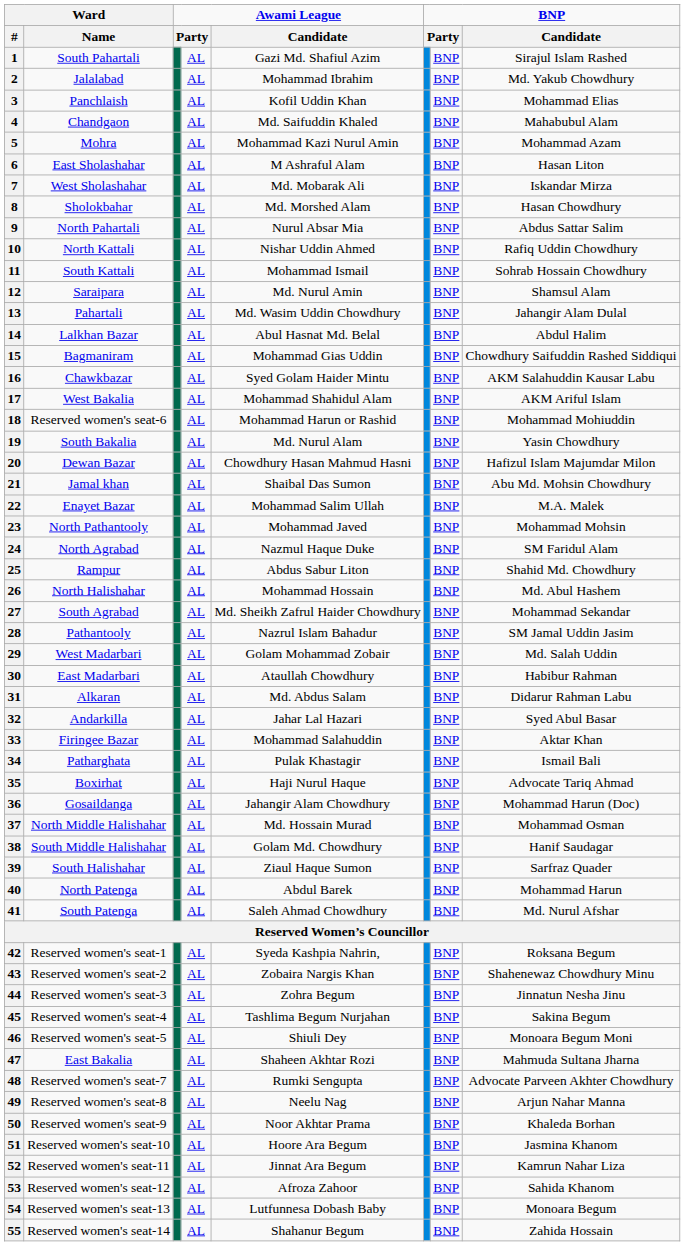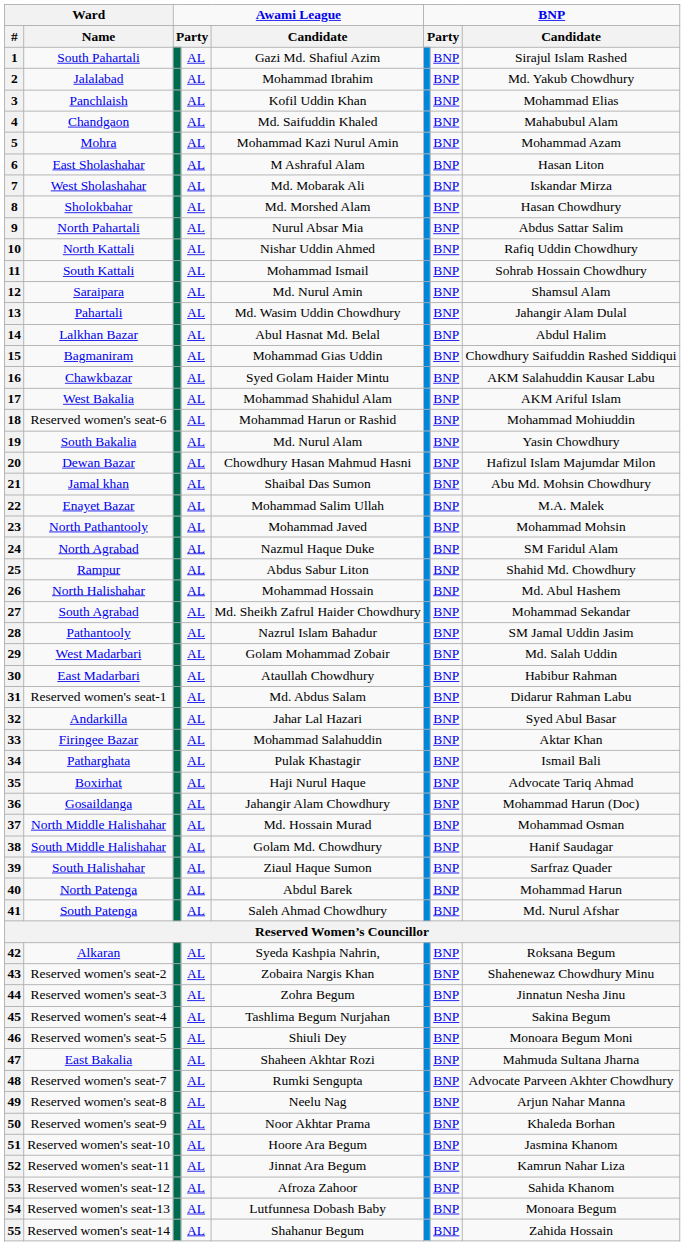 <table class="wikitable sortable" style="text-align:center;">
 <tr>
 <th colspan="2">Ward</th>
 <td colspan="3"><a href='#'><span><strong>Awami League</strong></span></a></td>
 <td colspan="3" bgcolor=><a href='#'><span><strong>BNP</strong></span></a></td>
 </tr>
 <tr>
 <th>#</th>
 <th>Name</th>
 <th colspan="2">Party</th>
 <th>Candidate</th>
 <th colspan="2">Party</th>
 <th>Candidate</th>
 </tr>
 <tr>
 <th>1</th>
 <td><a href='#'>South Pahartali</a></td>
 <td bgcolor=#006A4E></td>
 <td><a href='#'>AL</a></td>
 <td>Gazi Md. Shafiul Azim</td>
 <td bgcolor=#0087DC></td>
 <td><a href='#'>BNP</a></td>
 <td>Sirajul Islam Rashed</td>
 </tr>
 <tr>
 <th>2</th>
 <td><a href='#'>Jalalabad</a></td>
 <td bgcolor=#006A4E></td>
 <td><a href='#'>AL</a></td>
 <td>Mohammad Ibrahim</td>
 <td bgcolor=#0087DC></td>
 <td><a href='#'>BNP</a></td>
 <td>Md. Yakub Chowdhury</td>
 </tr>
 <tr>
 <th>3</th>
 <td><a href='#'>Panchlaish</a></td>
 <td bgcolor=#006A4E></td>
 <td><a href='#'>AL</a></td>
 <td>Kofil Uddin Khan</td>
 <td bgcolor=#0087DC></td>
 <td><a href='#'>BNP</a></td>
 <td>Mohammad Elias</td>
 </tr>
 <tr>
 <th>4</th>
 <td><a href='#'>Chandgaon</a></td>
 <td bgcolor=#006A4E></td>
 <td><a href='#'>AL</a></td>
 <td>Md. Saifuddin Khaled</td>
 <td bgcolor=#0087DC></td>
 <td><a href='#'>BNP</a></td>
 <td>Mahabubul Alam</td>
 </tr>
 <tr>
 <th>5</th>
 <td><a href='#'>Mohra</a></td>
 <td bgcolor=#006A4E></td>
 <td><a href='#'>AL</a></td>
 <td>Mohammad Kazi Nurul Amin</td>
 <td bgcolor=#0087DC></td>
 <td><a href='#'>BNP</a></td>
 <td>Mohammad Azam</td>
 </tr>
 <tr>
 <th>6</th>
 <td><a href='#'>East Sholashahar</a></td>
 <td bgcolor=#006A4E></td>
 <td><a href='#'>AL</a></td>
 <td>M Ashraful Alam</td>
 <td bgcolor=#0087DC></td>
 <td><a href='#'>BNP</a></td>
 <td>Hasan Liton</td>
 </tr>
 <tr>
 <th>7</th>
 <td><a href='#'>West Sholashahar</a></td>
 <td bgcolor=#006A4E></td>
 <td><a href='#'>AL</a></td>
 <td>Md. Mobarak Ali</td>
 <td bgcolor=#0087DC></td>
 <td><a href='#'>BNP</a></td>
 <td>Iskandar Mirza</td>
 </tr>
 <tr>
 <th>8</th>
 <td><a href='#'>Sholokbahar</a></td>
 <td bgcolor=#006A4E></td>
 <td><a href='#'>AL</a></td>
 <td>Md. Morshed Alam</td>
 <td bgcolor=#0087DC></td>
 <td><a href='#'>BNP</a></td>
 <td>Hasan Chowdhury</td>
 </tr>
 <tr>
 <th>9</th>
 <td><a href='#'>North Pahartali</a></td>
 <td bgcolor=#006A4E></td>
 <td><a href='#'>AL</a></td>
 <td>Nurul Absar Mia</td>
 <td bgcolor=#0087DC></td>
 <td><a href='#'>BNP</a></td>
 <td>Abdus Sattar Salim</td>
 </tr>
 <tr>
 <th>10</th>
 <td><a href='#'>North Kattali</a></td>
 <td bgcolor=#006A4E></td>
 <td><a href='#'>AL</a></td>
 <td>Nishar Uddin Ahmed</td>
 <td bgcolor=#0087DC></td>
 <td><a href='#'>BNP</a></td>
 <td>Rafiq Uddin Chowdhury</td>
 </tr>
 <tr>
 <th>11</th>
 <td><a href='#'>South Kattali</a></td>
 <td bgcolor=#006A4E></td>
 <td><a href='#'>AL</a></td>
 <td>Mohammad Ismail</td>
 <td bgcolor=#0087DC></td>
 <td><a href='#'>BNP</a></td>
 <td>Sohrab Hossain Chowdhury</td>
 </tr>
 <tr>
 <th>12</th>
 <td><a href='#'>Saraipara</a></td>
 <td bgcolor=#006A4E></td>
 <td><a href='#'>AL</a></td>
 <td>Md. Nurul Amin</td>
 <td bgcolor=#0087DC></td>
 <td><a href='#'>BNP</a></td>
 <td>Shamsul Alam</td>
 </tr>
 <tr>
 <th>13</th>
 <td><a href='#'>Pahartali</a></td>
 <td bgcolor=#006A4E></td>
 <td><a href='#'>AL</a></td>
 <td>Md. Wasim Uddin Chowdhury</td>
 <td bgcolor=#0087DC></td>
 <td><a href='#'>BNP</a></td>
 <td>Jahangir Alam Dulal</td>
 </tr>
 <tr>
 <th>14</th>
 <td><a href='#'>Lalkhan Bazar</a></td>
 <td bgcolor=#006A4E></td>
 <td><a href='#'>AL</a></td>
 <td>Abul Hasnat Md. Belal</td>
 <td bgcolor=#0087DC></td>
 <td><a href='#'>BNP</a></td>
 <td>Abdul Halim</td>
 </tr>
 <tr>
 <th>15</th>
 <td><a href='#'>Bagmaniram</a></td>
 <td bgcolor=#006A4E></td>
 <td><a href='#'>AL</a></td>
 <td>Mohammad Gias Uddin</td>
 <td bgcolor=#0087DC></td>
 <td><a href='#'>BNP</a></td>
 <td>Chowdhury Saifuddin Rashed Siddiqui</td>
 </tr>
 <tr>
 <th>16</th>
 <td><a href='#'>Chawkbazar</a></td>
 <td bgcolor=#006A4E></td>
 <td><a href='#'>AL</a></td>
 <td>Syed Golam Haider Mintu</td>
 <td bgcolor=#0087DC></td>
 <td><a href='#'>BNP</a></td>
 <td>AKM Salahuddin Kausar Labu</td>
 </tr>
 <tr>
 <th>17</th>
 <td><a href='#'>West Bakalia</a></td>
 <td bgcolor=#006A4E></td>
 <td><a href='#'>AL</a></td>
 <td>Mohammad Shahidul Alam</td>
 <td bgcolor=#0087DC></td>
 <td><a href='#'>BNP</a></td>
 <td>AKM Ariful Islam</td>
 </tr>
 <tr>
 <th>18</th>
 <td>Reserved women's seat-6</td>
 <td bgcolor=#006A4E></td>
 <td><a href='#'>AL</a></td>
 <td>Mohammad Harun or Rashid</td>
 <td bgcolor=#0087DC></td>
 <td><a href='#'>BNP</a></td>
 <td>Mohammad Mohiuddin</td>
 </tr>
 <tr>
 <th>19</th>
 <td><a href='#'>South Bakalia</a></td>
 <td bgcolor=#006A4E></td>
 <td><a href='#'>AL</a></td>
 <td>Md. Nurul Alam</td>
 <td bgcolor=#0087DC></td>
 <td><a href='#'>BNP</a></td>
 <td>Yasin Chowdhury</td>
 </tr>
 <tr>
 <th>20</th>
 <td><a href='#'>Dewan Bazar</a></td>
 <td bgcolor=#006A4E></td>
 <td><a href='#'>AL</a></td>
 <td>Chowdhury Hasan Mahmud Hasni</td>
 <td bgcolor=#0087DC></td>
 <td><a href='#'>BNP</a></td>
 <td>Hafizul Islam Majumdar Milon</td>
 </tr>
 <tr>
 <th>21</th>
 <td><a href='#'>Jamal khan</a></td>
 <td bgcolor=#006A4E></td>
 <td><a href='#'>AL</a></td>
 <td>Shaibal Das Sumon</td>
 <td bgcolor=#0087DC></td>
 <td><a href='#'>BNP</a></td>
 <td>Abu Md. Mohsin Chowdhury</td>
 </tr>
 <tr>
 <th>22</th>
 <td><a href='#'>Enayet Bazar</a></td>
 <td bgcolor=#006A4E></td>
 <td><a href='#'>AL</a></td>
 <td>Mohammad Salim Ullah</td>
 <td bgcolor=#0087DC></td>
 <td><a href='#'>BNP</a></td>
 <td>M.A. Malek</td>
 </tr>
 <tr>
 <th>23</th>
 <td><a href='#'>North Pathantooly</a></td>
 <td bgcolor=#006A4E></td>
 <td><a href='#'>AL</a></td>
 <td>Mohammad Javed</td>
 <td bgcolor=#0087DC></td>
 <td><a href='#'>BNP</a></td>
 <td>Mohammad Mohsin</td>
 </tr>
 <tr>
 <th>24</th>
 <td><a href='#'>North Agrabad</a></td>
 <td bgcolor=#006A4E></td>
 <td><a href='#'>AL</a></td>
 <td>Nazmul Haque Duke</td>
 <td bgcolor=#0087DC></td>
 <td><a href='#'>BNP</a></td>
 <td>SM Faridul Alam</td>
 </tr>
 <tr>
 <th>25</th>
 <td><a href='#'>Rampur</a></td>
 <td bgcolor=#006A4E></td>
 <td><a href='#'>AL</a></td>
 <td>Abdus Sabur Liton</td>
 <td bgcolor=#0087DC></td>
 <td><a href='#'>BNP</a></td>
 <td>Shahid Md. Chowdhury</td>
 </tr>
 <tr>
 <th>26</th>
 <td><a href='#'>North Halishahar</a></td>
 <td bgcolor=#006A4E></td>
 <td><a href='#'>AL</a></td>
 <td>Mohammad Hossain</td>
 <td bgcolor=#0087DC></td>
 <td><a href='#'>BNP</a></td>
 <td>Md. Abul Hashem</td>
 </tr>
 <tr>
 <th>27</th>
 <td><a href='#'>South Agrabad</a></td>
 <td bgcolor=#006A4E></td>
 <td><a href='#'>AL</a></td>
 <td>Md. Sheikh Zafrul Haider Chowdhury</td>
 <td bgcolor=#0087DC></td>
 <td><a href='#'>BNP</a></td>
 <td>Mohammad Sekandar</td>
 </tr>
 <tr>
 <th>28</th>
 <td><a href='#'>Pathantooly</a></td>
 <td bgcolor=#006A4E></td>
 <td><a href='#'>AL</a></td>
 <td>Nazrul Islam Bahadur</td>
 <td bgcolor=#0087DC></td>
 <td><a href='#'>BNP</a></td>
 <td>SM Jamal Uddin Jasim</td>
 </tr>
 <tr>
 <th>29</th>
 <td><a href='#'>West Madarbari</a></td>
 <td bgcolor=#006A4E></td>
 <td><a href='#'>AL</a></td>
 <td>Golam Mohammad Zobair</td>
 <td bgcolor=#0087DC></td>
 <td><a href='#'>BNP</a></td>
 <td>Md. Salah Uddin</td>
 </tr>
 <tr>
 <th>30</th>
 <td><a href='#'>East Madarbari</a></td>
 <td bgcolor=#006A4E></td>
 <td><a href='#'>AL</a></td>
 <td>Ataullah Chowdhury</td>
 <td bgcolor=#0087DC></td>
 <td><a href='#'>BNP</a></td>
 <td>Habibur Rahman</td>
 </tr>
 <tr>
 <th>31</th>
-<td><a href='#'>Alkaran</a></td>
+<td>Reserved women's seat-1</td>
 <td bgcolor=#006A4E></td>
 <td><a href='#'>AL</a></td>
 <td>Md. Abdus Salam</td>
 <td bgcolor=#0087DC></td>
 <td><a href='#'>BNP</a></td>
 <td>Didarur Rahman Labu</td>
 </tr>
 <tr>
 <th>32</th>
 <td><a href='#'>Andarkilla</a></td>
 <td bgcolor=#006A4E></td>
 <td><a href='#'>AL</a></td>
 <td>Jahar Lal Hazari</td>
 <td bgcolor=#0087DC></td>
 <td><a href='#'>BNP</a></td>
 <td>Syed Abul Basar</td>
 </tr>
 <tr>
 <th>33</th>
 <td><a href='#'>Firingee Bazar</a></td>
 <td bgcolor=#006A4E></td>
 <td><a href='#'>AL</a></td>
 <td>Mohammad Salahuddin</td>
 <td bgcolor=#0087DC></td>
 <td><a href='#'>BNP</a></td>
 <td>Aktar Khan</td>
 </tr>
 <tr>
 <th>34</th>
 <td><a href='#'>Patharghata</a></td>
 <td bgcolor=#006A4E></td>
 <td><a href='#'>AL</a></td>
 <td>Pulak Khastagir</td>
 <td bgcolor=#0087DC></td>
 <td><a href='#'>BNP</a></td>
 <td>Ismail Bali</td>
 </tr>
 <tr>
 <th>35</th>
 <td><a href='#'>Boxirhat</a></td>
 <td bgcolor=#006A4E></td>
 <td><a href='#'>AL</a></td>
 <td>Haji Nurul Haque</td>
 <td bgcolor=#0087DC></td>
 <td><a href='#'>BNP</a></td>
 <td>Advocate Tariq Ahmad</td>
 </tr>
 <tr>
 <th>36</th>
 <td><a href='#'>Gosaildanga</a></td>
 <td bgcolor=#006A4E></td>
 <td><a href='#'>AL</a></td>
 <td>Jahangir Alam Chowdhury</td>
 <td bgcolor=#0087DC></td>
 <td><a href='#'>BNP</a></td>
 <td>Mohammad Harun (Doc)</td>
 </tr>
 <tr>
 <th>37</th>
 <td><a href='#'>North Middle Halishahar</a></td>
 <td bgcolor=#006A4E></td>
 <td><a href='#'>AL</a></td>
 <td>Md. Hossain Murad</td>
 <td bgcolor=#0087DC></td>
 <td><a href='#'>BNP</a></td>
 <td>Mohammad Osman</td>
 </tr>
 <tr>
 <th>38</th>
 <td><a href='#'>South Middle Halishahar</a></td>
 <td bgcolor=#006A4E></td>
 <td><a href='#'>AL</a></td>
 <td>Golam Md. Chowdhury</td>
 <td bgcolor=#0087DC></td>
 <td><a href='#'>BNP</a></td>
 <td>Hanif Saudagar</td>
 </tr>
 <tr>
 <th>39</th>
 <td><a href='#'>South Halishahar</a></td>
 <td bgcolor=#006A4E></td>
 <td><a href='#'>AL</a></td>
 <td>Ziaul Haque Sumon</td>
 <td bgcolor=#0087DC></td>
 <td><a href='#'>BNP</a></td>
 <td>Sarfraz Quader</td>
 </tr>
 <tr>
 <th>40</th>
 <td><a href='#'>North Patenga</a></td>
 <td bgcolor=#006A4E></td>
 <td><a href='#'>AL</a></td>
 <td>Abdul Barek</td>
 <td bgcolor=#0087DC></td>
 <td><a href='#'>BNP</a></td>
 <td>Mohammad Harun</td>
 </tr>
 <tr>
 <th>41</th>
 <td><a href='#'>South Patenga</a></td>
 <td bgcolor=#006A4E></td>
 <td><a href='#'>AL</a></td>
 <td>Saleh Ahmad Chowdhury</td>
 <td bgcolor=#0087DC></td>
 <td><a href='#'>BNP</a></td>
 <td>Md. Nurul Afshar</td>
 </tr>
 <tr>
 <th colspan="8"><strong>Reserved Women’s Councillor</strong></th>
 </tr>
 <tr>
 <th>42</th>
-<td>Reserved women's seat-1</td>
+<td><a href='#'>Alkaran</a></td>
 <td bgcolor=#006A4E></td>
 <td><a href='#'>AL</a></td>
 <td>Syeda Kashpia Nahrin,</td>
 <td bgcolor=#0087DC></td>
 <td><a href='#'>BNP</a></td>
 <td>Roksana Begum</td>
 </tr>
 <tr>
 <th>43</th>
 <td>Reserved women's seat-2</td>
 <td bgcolor=#006A4E></td>
 <td><a href='#'>AL</a></td>
 <td>Zobaira Nargis Khan</td>
 <td bgcolor=#0087DC></td>
 <td><a href='#'>BNP</a></td>
 <td>Shahenewaz Chowdhury Minu</td>
 </tr>
 <tr>
 <th>44</th>
 <td>Reserved women's seat-3</td>
 <td bgcolor=#006A4E></td>
 <td><a href='#'>AL</a></td>
 <td>Zohra Begum</td>
 <td bgcolor=#0087DC></td>
 <td><a href='#'>BNP</a></td>
 <td>Jinnatun Nesha Jinu</td>
 </tr>
 <tr>
 <th>45</th>
 <td>Reserved women's seat-4</td>
 <td bgcolor=#006A4E></td>
 <td><a href='#'>AL</a></td>
 <td>Tashlima Begum Nurjahan</td>
 <td bgcolor=#0087DC></td>
 <td><a href='#'>BNP</a></td>
 <td>Sakina Begum</td>
 </tr>
 <tr>
 <th>46</th>
 <td>Reserved women's seat-5</td>
 <td bgcolor=#006A4E></td>
 <td><a href='#'>AL</a></td>
 <td>Shiuli Dey</td>
 <td bgcolor=#0087DC></td>
 <td><a href='#'>BNP</a></td>
 <td>Monoara Begum Moni</td>
 </tr>
 <tr>
 <th>47</th>
 <td><a href='#'>East Bakalia</a></td>
 <td bgcolor=#006A4E></td>
 <td><a href='#'>AL</a></td>
 <td>Shaheen Akhtar Rozi</td>
 <td bgcolor=#0087DC></td>
 <td><a href='#'>BNP</a></td>
 <td>Mahmuda Sultana Jharna</td>
 </tr>
 <tr>
 <th>48</th>
 <td>Reserved women's seat-7</td>
 <td bgcolor=#006A4E></td>
 <td><a href='#'>AL</a></td>
 <td>Rumki Sengupta</td>
 <td bgcolor=#0087DC></td>
 <td><a href='#'>BNP</a></td>
 <td>Advocate Parveen Akhter Chowdhury</td>
 </tr>
 <tr>
 <th>49</th>
 <td>Reserved women's seat-8</td>
 <td bgcolor=#006A4E></td>
 <td><a href='#'>AL</a></td>
 <td>Neelu Nag</td>
 <td bgcolor=#0087DC></td>
 <td><a href='#'>BNP</a></td>
 <td>Arjun Nahar  Manna</td>
 </tr>
 <tr>
 <th>50</th>
 <td>Reserved women's seat-9</td>
 <td bgcolor=#006A4E></td>
 <td><a href='#'>AL</a></td>
 <td>Noor Akhtar Prama</td>
 <td bgcolor=#0087DC></td>
 <td><a href='#'>BNP</a></td>
 <td>Khaleda Borhan</td>
 </tr>
 <tr>
 <th>51</th>
 <td>Reserved women's seat-10</td>
 <td bgcolor=#006A4E></td>
 <td><a href='#'>AL</a></td>
 <td>Hoore Ara Begum</td>
 <td bgcolor=#0087DC></td>
 <td><a href='#'>BNP</a></td>
 <td>Jasmina Khanom</td>
 </tr>
 <tr>
 <th>52</th>
 <td>Reserved women's seat-11</td>
 <td bgcolor=#006A4E></td>
 <td><a href='#'>AL</a></td>
 <td>Jinnat Ara Begum</td>
 <td bgcolor=#0087DC></td>
 <td><a href='#'>BNP</a></td>
 <td>Kamrun Nahar Liza</td>
 </tr>
 <tr>
 <th>53</th>
 <td>Reserved women's seat-12</td>
 <td bgcolor=#006A4E></td>
 <td><a href='#'>AL</a></td>
 <td>Afroza Zahoor</td>
 <td bgcolor=#0087DC></td>
 <td><a href='#'>BNP</a></td>
 <td>Sahida Khanom</td>
 </tr>
 <tr>
 <th>54</th>
 <td>Reserved women's seat-13</td>
 <td bgcolor=#006A4E></td>
 <td><a href='#'>AL</a></td>
 <td>Lutfunnesa Dobash Baby</td>
 <td bgcolor=#0087DC></td>
 <td><a href='#'>BNP</a></td>
 <td>Monoara Begum</td>
 </tr>
 <tr>
 <th>55</th>
 <td>Reserved women's seat-14</td>
 <td bgcolor=#006A4E></td>
 <td><a href='#'>AL</a></td>
 <td>Shahanur Begum</td>
 <td bgcolor=#0087DC></td>
 <td><a href='#'>BNP</a></td>
 <td>Zahida Hossain</td>
 </tr>
 </table>
